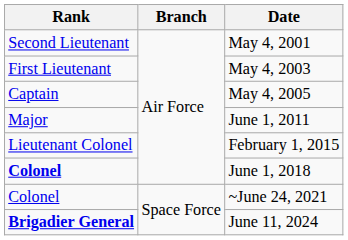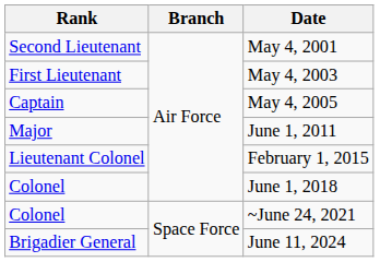 <table class="wikitable">
 <tr>
 <th>Rank</th>
 <th>Branch</th>
 <th>Date</th>
 </tr>
 <tr>
 <td> <a href='#'>Second Lieutenant</a></td>
 <td rowspan=6>Air Force</td>
 <td>May 4, 2001</td>
 </tr>
 <tr>
 <td> <a href='#'>First Lieutenant</a></td>
 <td>May 4, 2003</td>
 </tr>
 <tr>
 <td> <a href='#'>Captain</a></td>
 <td>May 4, 2005</td>
 </tr>
 <tr>
 <td> <a href='#'>Major</a></td>
 <td>June 1, 2011</td>
 </tr>
 <tr>
 <td> <a href='#'>Lieutenant Colonel</a></td>
 <td>February 1, 2015</td>
 </tr>
 <tr>
-<td><strong> <a href='#'>Colonel</a></strong></td>
+<td> <a href='#'>Colonel</a></td>
 <td>June 1, 2018</td>
 </tr>
 <tr>
 <td> <a href='#'>Colonel</a></td>
 <td rowspan=2>Space Force</td>
 <td>~June 24, 2021</td>
 </tr>
 <tr>
-<td><strong> <a href='#'>Brigadier General</a></strong></td>
+<td> <a href='#'>Brigadier General</a></td>
 <td>June 11, 2024</td>
 </tr>
 </table>
